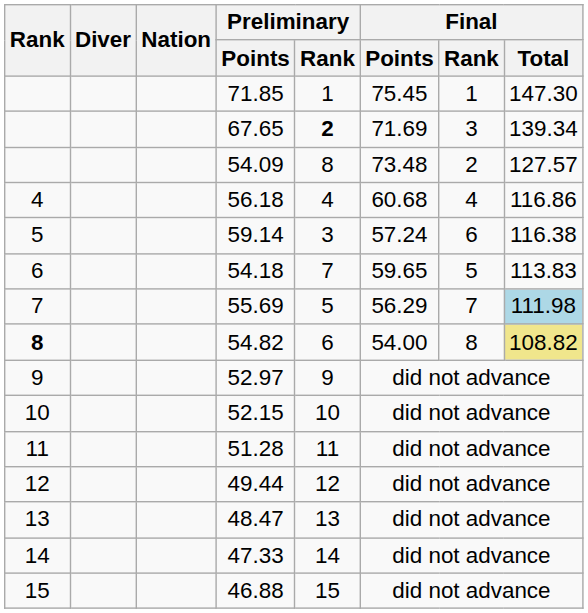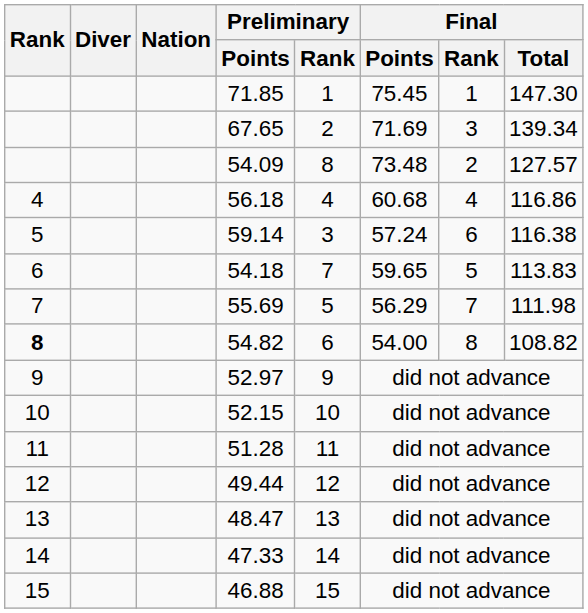 <table class="wikitable sortable" style="text-align:center;">
 <tr>
 <th rowspan=2>Rank</th>
 <th rowspan=2>Diver</th>
 <th rowspan=2>Nation</th>
 <th colspan=2>Preliminary</th>
 <th colspan=3>Final</th>
 </tr>
 <tr>
 <th>Points</th>
 <th>Rank</th>
 <th>Points</th>
 <th>Rank</th>
 <th>Total</th>
 </tr>
 <tr>
 <td></td>
 <td align=left></td>
 <td align=left></td>
 <td>71.85</td>
 <td>1</td>
 <td>75.45</td>
 <td>1</td>
 <td>147.30</td>
 </tr>
 <tr>
 <td></td>
 <td align=left></td>
 <td align=left></td>
 <td>67.65</td>
-<td><strong>2</strong></td>
+<td>2</td>
 <td>71.69</td>
 <td>3</td>
 <td>139.34</td>
 </tr>
 <tr>
 <td></td>
 <td align=left></td>
 <td align=left></td>
 <td>54.09</td>
 <td>8</td>
 <td>73.48</td>
 <td>2</td>
 <td>127.57</td>
 </tr>
 <tr>
 <td>4</td>
 <td align=left></td>
 <td align=left></td>
 <td>56.18</td>
 <td>4</td>
 <td>60.68</td>
 <td>4</td>
 <td>116.86</td>
 </tr>
 <tr>
 <td>5</td>
 <td align=left></td>
 <td align=left></td>
 <td>59.14</td>
 <td>3</td>
 <td>57.24</td>
 <td>6</td>
 <td>116.38</td>
 </tr>
 <tr>
 <td>6</td>
 <td align=left></td>
 <td align=left></td>
 <td>54.18</td>
 <td>7</td>
 <td>59.65</td>
 <td>5</td>
 <td>113.83</td>
 </tr>
 <tr>
 <td>7</td>
 <td align=left></td>
 <td align=left></td>
 <td>55.69</td>
 <td>5</td>
 <td>56.29</td>
 <td>7</td>
-<td style="background: lightblue;">111.98</td>
+<td>111.98</td>
 </tr>
 <tr>
 <td><strong>8</strong></td>
 <td align=left></td>
 <td align=left></td>
 <td>54.82</td>
 <td>6</td>
 <td>54.00</td>
 <td>8</td>
-<td style="background: khaki;">108.82</td>
+<td>108.82</td>
 </tr>
 <tr>
 <td>9</td>
 <td align=left></td>
 <td align=left></td>
 <td>52.97</td>
 <td>9</td>
 <td colspan=3>did not advance</td>
 </tr>
 <tr>
 <td>10</td>
 <td align=left></td>
 <td align=left></td>
 <td>52.15</td>
 <td>10</td>
 <td colspan=3>did not advance</td>
 </tr>
 <tr>
 <td>11</td>
 <td align=left></td>
 <td align=left></td>
 <td>51.28</td>
 <td>11</td>
 <td colspan=3>did not advance</td>
 </tr>
 <tr>
 <td>12</td>
 <td align=left></td>
 <td align=left></td>
 <td>49.44</td>
 <td>12</td>
 <td colspan=3>did not advance</td>
 </tr>
 <tr>
 <td>13</td>
 <td align=left></td>
 <td align=left></td>
 <td>48.47</td>
 <td>13</td>
 <td colspan=3>did not advance</td>
 </tr>
 <tr>
 <td>14</td>
 <td align=left></td>
 <td align=left></td>
 <td>47.33</td>
 <td>14</td>
 <td colspan=3>did not advance</td>
 </tr>
 <tr>
 <td>15</td>
 <td align=left></td>
 <td align=left></td>
 <td>46.88</td>
 <td>15</td>
 <td colspan=3>did not advance</td>
 </tr>
 </table>
